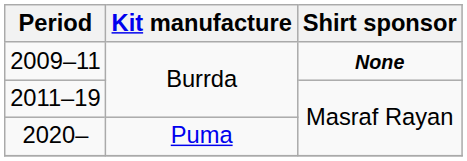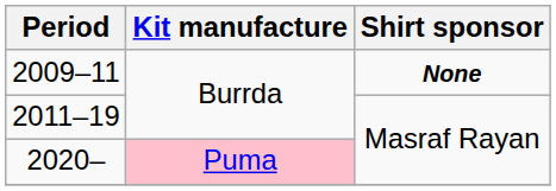 <table class="wikitable" style="text-align: center">
 <tr>
 <th>Period</th>
 <th><a href='#'>Kit</a> manufacture</th>
 <th>Shirt sponsor</th>
 </tr>
 <tr>
 <td>2009–11</td>
 <td rowspan=2>Burrda</td>
 <td><strong><small><em>None</em></small></strong></td>
 </tr>
 <tr>
 <td>2011–19</td>
 <td rowspan="2">Masraf Rayan</td>
 </tr>
 <tr>
 <td>2020–</td>
-<td><a href='#'>Puma</a></td>
+<td style="background: pink;"><a href='#'>Puma</a></td>
 </tr>
 <tr>
 </tr>
 </table>
